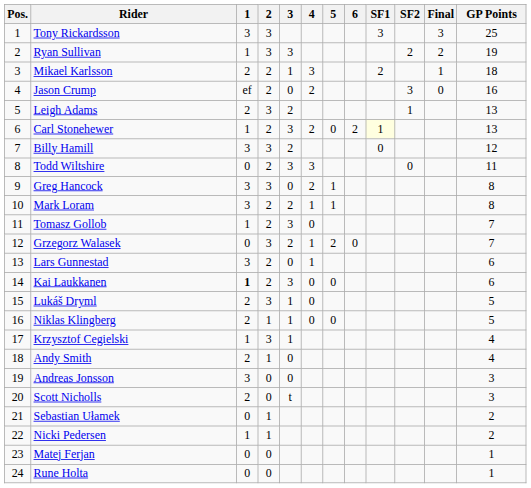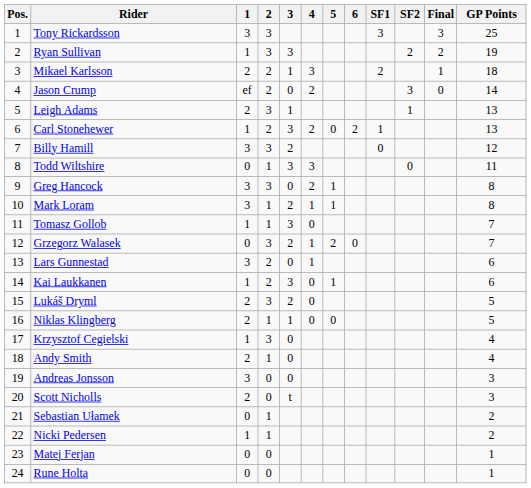 <table class=wikitable style="font-size:93%;">
 <tr>
 <th width=25px>Pos.</th>
 <th width=250px>Rider</th>
 <th width=20px>1</th>
 <th width=20px>2</th>
 <th width=20px>3</th>
 <th width=20px>4</th>
 <th width=20px>5</th>
 <th width=20px>6</th>
 <th width=30px>SF1</th>
 <th width=30px>SF2</th>
 <th width=30px>Final</th>
 <th width=80px>GP Points</th>
 </tr>
 <tr align=center style="background-color:">
 <td>1</td>
 <td align=left> <a href='#'>Tony Rickardsson</a></td>
 <td>3</td>
 <td>3</td>
 <td></td>
 <td></td>
 <td></td>
 <td></td>
 <td>  3</td>
 <td></td>
 <td>3</td>
 <td>25</td>
 </tr>
 <tr align=center style="background-color:">
 <td>2</td>
 <td align=left> <a href='#'>Ryan Sullivan</a></td>
 <td>1</td>
 <td>3</td>
 <td>3</td>
 <td></td>
 <td></td>
 <td></td>
 <td></td>
 <td>2</td>
 <td>2</td>
 <td>19</td>
 </tr>
 <tr align=center style="background-color:">
 <td>3</td>
 <td align=left> <a href='#'>Mikael Karlsson</a></td>
 <td>2</td>
 <td>2</td>
 <td>1</td>
 <td>3</td>
 <td></td>
 <td></td>
 <td>2</td>
 <td></td>
 <td>1</td>
 <td>18</td>
 </tr>
 <tr align=center>
 <td>4</td>
 <td align=left> <a href='#'>Jason Crump</a></td>
 <td>ef</td>
 <td>2</td>
 <td>0</td>
 <td>2</td>
 <td></td>
 <td></td>
 <td></td>
 <td>3</td>
 <td>0</td>
-<td>16</td>
+<td>14</td>
 </tr>
 <tr align=center>
 <td>5</td>
 <td align=left> <a href='#'>Leigh Adams</a></td>
 <td>2</td>
 <td>3</td>
-<td>2</td>
+<td>1</td>
 <td></td>
 <td></td>
 <td></td>
 <td></td>
 <td>1</td>
 <td></td>
 <td>13</td>
 </tr>
 <tr align=center>
 <td>6</td>
 <td align=left> <a href='#'>Carl Stonehewer</a></td>
 <td>1</td>
 <td>2</td>
 <td>3</td>
 <td>2</td>
 <td>0</td>
 <td>2</td>
-<td style="background: lightyellow;">1</td>
+<td>1</td>
 <td></td>
 <td></td>
 <td>13</td>
 </tr>
 <tr align=center>
 <td>7</td>
 <td align=left> <a href='#'>Billy Hamill</a></td>
 <td>3</td>
 <td>3</td>
 <td>2</td>
 <td></td>
 <td></td>
 <td></td>
 <td>0</td>
 <td></td>
 <td></td>
 <td>12</td>
 </tr>
 <tr align=center>
 <td>8</td>
 <td align=left> <a href='#'>Todd Wiltshire</a></td>
 <td>0</td>
-<td>2</td>
+<td>1</td>
 <td>3</td>
 <td>3</td>
 <td></td>
 <td></td>
 <td></td>
 <td>0</td>
 <td></td>
 <td>11</td>
 </tr>
 <tr align=center>
 <td>9</td>
 <td align=left> <a href='#'>Greg Hancock</a></td>
 <td>3</td>
 <td>3</td>
 <td>0</td>
 <td>2</td>
 <td>1</td>
 <td></td>
 <td></td>
 <td></td>
 <td></td>
 <td>8</td>
 </tr>
 <tr align=center>
 <td>10</td>
 <td align=left> <a href='#'>Mark Loram</a></td>
 <td>3</td>
-<td>2</td>
+<td>1</td>
 <td>2</td>
 <td>1</td>
 <td>1</td>
 <td></td>
 <td></td>
 <td></td>
 <td></td>
 <td>8</td>
 </tr>
 <tr align=center>
 <td>11</td>
 <td align=left> <a href='#'>Tomasz Gollob</a></td>
 <td>1</td>
-<td>2</td>
+<td>1</td>
 <td>3</td>
 <td>0</td>
 <td></td>
 <td></td>
 <td></td>
 <td></td>
 <td></td>
 <td>7</td>
 </tr>
 <tr align=center>
 <td>12</td>
 <td align=left> <a href='#'>Grzegorz Walasek</a></td>
 <td>0</td>
 <td>3</td>
 <td>2</td>
 <td>1</td>
 <td>2</td>
 <td>0</td>
 <td></td>
 <td></td>
 <td></td>
 <td>7</td>
 </tr>
 <tr align=center>
 <td>13</td>
 <td align=left> <a href='#'>Lars Gunnestad</a></td>
 <td>3</td>
 <td>2</td>
 <td>0</td>
 <td>1</td>
 <td></td>
 <td></td>
 <td></td>
 <td></td>
 <td></td>
 <td>6</td>
 </tr>
 <tr align=center>
 <td>14</td>
 <td align=left> <a href='#'>Kai Laukkanen</a></td>
-<td><strong>1</strong></td>
+<td>1</td>
 <td>2</td>
 <td>3</td>
 <td>0</td>
-<td>0</td>
+<td>1</td>
 <td></td>
 <td></td>
 <td></td>
 <td></td>
 <td>6</td>
 </tr>
 <tr align=center>
 <td>15</td>
 <td align=left> <a href='#'>Lukáš Dryml</a></td>
 <td>2</td>
 <td>3</td>
-<td>1</td>
+<td>2</td>
 <td>0</td>
 <td></td>
 <td></td>
 <td></td>
 <td></td>
 <td></td>
 <td>5</td>
 </tr>
 <tr align=center>
 <td>16</td>
 <td align=left> <a href='#'>Niklas Klingberg</a></td>
 <td>2</td>
 <td>1</td>
 <td>1</td>
 <td>0</td>
 <td>0</td>
 <td></td>
 <td></td>
 <td></td>
 <td></td>
 <td>5</td>
 </tr>
 <tr align=center>
 <td>17</td>
 <td align=left> <a href='#'>Krzysztof Cegielski</a></td>
 <td>1</td>
 <td>3</td>
-<td>1</td>
+<td>0</td>
 <td></td>
 <td></td>
 <td></td>
 <td></td>
 <td></td>
 <td></td>
 <td>4</td>
 </tr>
 <tr align=center>
 <td>18</td>
 <td align=left> <a href='#'>Andy Smith</a></td>
 <td>2</td>
 <td>1</td>
 <td>0</td>
 <td></td>
 <td></td>
 <td></td>
 <td></td>
 <td></td>
 <td></td>
 <td>4</td>
 </tr>
 <tr align=center>
 <td>19</td>
 <td align=left> <a href='#'>Andreas Jonsson</a></td>
 <td>3</td>
 <td>0</td>
 <td>0</td>
 <td></td>
 <td></td>
 <td></td>
 <td></td>
 <td></td>
 <td></td>
 <td>3</td>
 </tr>
 <tr align=center>
 <td>20</td>
 <td align=left> <a href='#'>Scott Nicholls</a></td>
 <td>2</td>
 <td>0</td>
 <td>t</td>
 <td></td>
 <td></td>
 <td></td>
 <td></td>
 <td></td>
 <td></td>
 <td>3</td>
 </tr>
 <tr align=center>
 <td>21</td>
 <td align=left> <a href='#'>Sebastian Ułamek</a></td>
 <td>0</td>
 <td>1</td>
 <td></td>
 <td></td>
 <td></td>
 <td></td>
 <td></td>
 <td></td>
 <td></td>
 <td>2</td>
 </tr>
 <tr align=center>
 <td>22</td>
 <td align=left> <a href='#'>Nicki Pedersen</a></td>
 <td>1</td>
 <td>1</td>
 <td></td>
 <td></td>
 <td></td>
 <td></td>
 <td></td>
 <td></td>
 <td></td>
 <td>2</td>
 </tr>
 <tr align=center>
 <td>23</td>
 <td align=left> <a href='#'>Matej Ferjan</a></td>
 <td>0</td>
 <td>0</td>
 <td></td>
 <td></td>
 <td></td>
 <td></td>
 <td></td>
 <td></td>
 <td></td>
 <td>1</td>
 </tr>
 <tr align=center>
 <td>24</td>
 <td align=left> <a href='#'>Rune Holta</a></td>
 <td>0</td>
 <td>0</td>
 <td></td>
 <td></td>
 <td></td>
 <td></td>
 <td></td>
 <td></td>
 <td></td>
 <td>1</td>
 </tr>
 </table>
